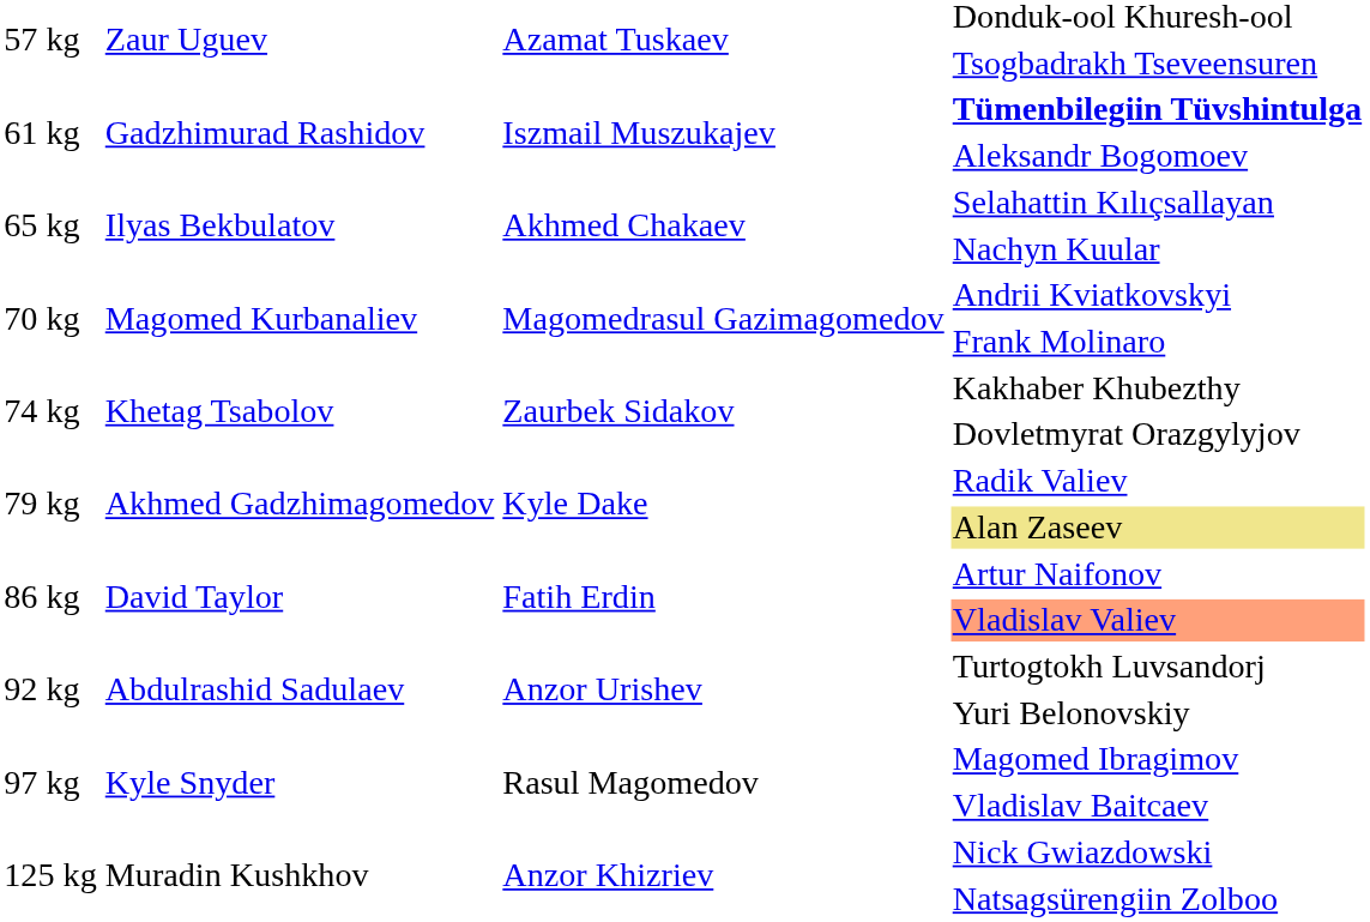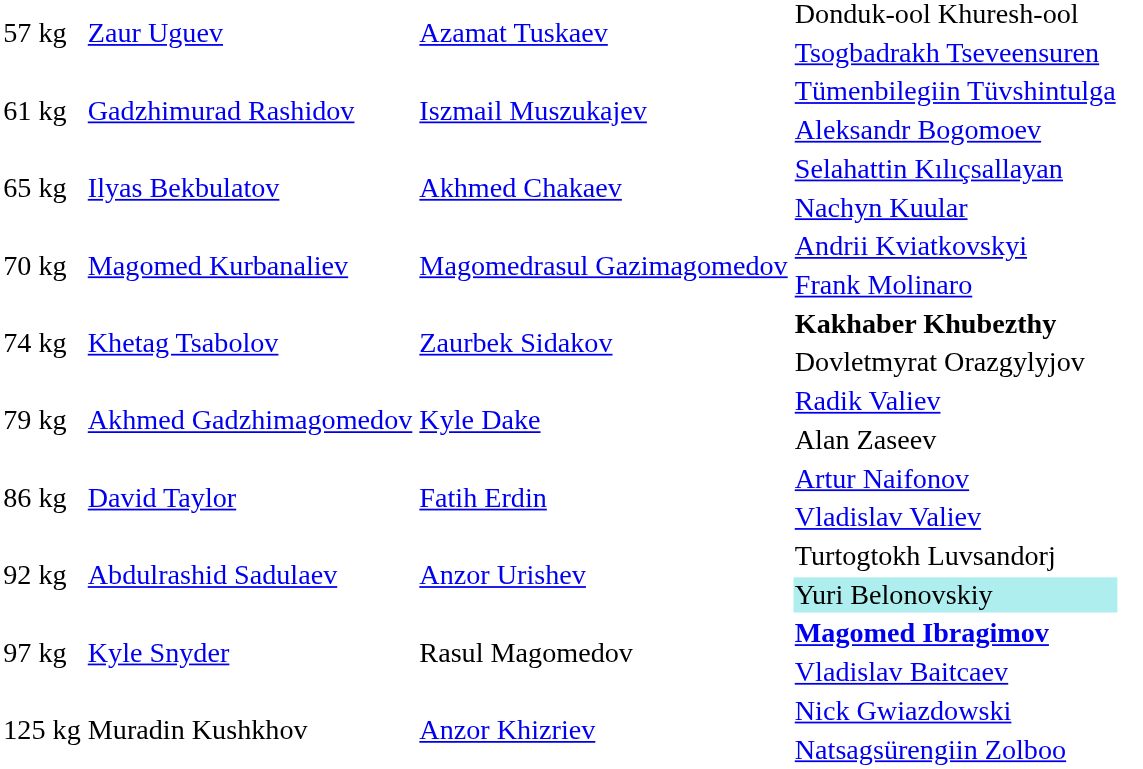 <table>
 <tr>
 <td rowspan=2>57 kg<br></td>
 <td rowspan=2> <a href='#'>Zaur Uguev</a></td>
 <td rowspan=2> <a href='#'>Azamat Tuskaev</a></td>
 <td> Donduk-ool Khuresh-ool</td>
 </tr>
 <tr>
 <td> <a href='#'>Tsogbadrakh Tseveensuren</a></td>
 </tr>
 <tr>
 <td rowspan=2>61 kg<br></td>
 <td rowspan=2> <a href='#'>Gadzhimurad Rashidov</a></td>
 <td rowspan=2> <a href='#'>Iszmail Muszukajev</a></td>
-<td><strong> <a href='#'>Tümenbilegiin Tüvshintulga</a></strong></td>
+<td> <a href='#'>Tümenbilegiin Tüvshintulga</a></td>
 </tr>
 <tr>
 <td> <a href='#'>Aleksandr Bogomoev</a></td>
 </tr>
 <tr>
 <td rowspan=2>65 kg<br></td>
 <td rowspan=2> <a href='#'>Ilyas Bekbulatov</a></td>
 <td rowspan=2> <a href='#'>Akhmed Chakaev</a></td>
 <td> <a href='#'>Selahattin Kılıçsallayan</a></td>
 </tr>
 <tr>
 <td> <a href='#'>Nachyn Kuular</a></td>
 </tr>
 <tr>
 <td rowspan=2>70 kg<br></td>
 <td rowspan=2> <a href='#'>Magomed Kurbanaliev</a></td>
 <td rowspan=2> <a href='#'>Magomedrasul Gazimagomedov</a></td>
 <td> <a href='#'>Andrii Kviatkovskyi</a></td>
 </tr>
 <tr>
 <td> <a href='#'>Frank Molinaro</a></td>
 </tr>
 <tr>
 <td rowspan=2>74 kg<br></td>
 <td rowspan=2> <a href='#'>Khetag Tsabolov</a></td>
 <td rowspan=2> <a href='#'>Zaurbek Sidakov</a></td>
-<td> Kakhaber Khubezthy</td>
+<td><strong> Kakhaber Khubezthy</strong></td>
 </tr>
 <tr>
 <td> Dovletmyrat Orazgylyjov</td>
 </tr>
 <tr>
 <td rowspan=2>79 kg<br></td>
 <td rowspan=2> <a href='#'>Akhmed Gadzhimagomedov</a></td>
 <td rowspan=2> <a href='#'>Kyle Dake</a></td>
 <td> <a href='#'>Radik Valiev</a></td>
 </tr>
 <tr>
-<td style="background: khaki;"> Alan Zaseev</td>
+<td> Alan Zaseev</td>
 </tr>
 <tr>
 <td rowspan=2>86 kg<br></td>
 <td rowspan=2> <a href='#'>David Taylor</a></td>
 <td rowspan=2> <a href='#'>Fatih Erdin</a></td>
 <td> <a href='#'>Artur Naifonov</a></td>
 </tr>
 <tr>
-<td style="background: lightsalmon;"> <a href='#'>Vladislav Valiev</a></td>
+<td> <a href='#'>Vladislav Valiev</a></td>
 </tr>
 <tr>
 <td rowspan=2>92 kg<br></td>
 <td rowspan=2> <a href='#'>Abdulrashid Sadulaev</a></td>
 <td rowspan=2> <a href='#'>Anzor Urishev</a></td>
 <td> Turtogtokh Luvsandorj</td>
 </tr>
 <tr>
-<td> Yuri Belonovskiy</td>
+<td style="background: paleturquoise;"> Yuri Belonovskiy</td>
 </tr>
 <tr>
 <td rowspan=2>97 kg<br></td>
 <td rowspan=2> <a href='#'>Kyle Snyder</a></td>
 <td rowspan=2> Rasul Magomedov</td>
-<td> <a href='#'>Magomed Ibragimov</a></td>
+<td><strong> <a href='#'>Magomed Ibragimov</a></strong></td>
 </tr>
 <tr>
 <td> <a href='#'>Vladislav Baitcaev</a></td>
 </tr>
 <tr>
 <td rowspan=2>125 kg<br></td>
 <td rowspan=2> Muradin Kushkhov</td>
 <td rowspan=2> <a href='#'>Anzor Khizriev</a></td>
 <td> <a href='#'>Nick Gwiazdowski</a></td>
 </tr>
 <tr>
 <td> <a href='#'>Natsagsürengiin Zolboo</a></td>
 </tr>
 </table>
